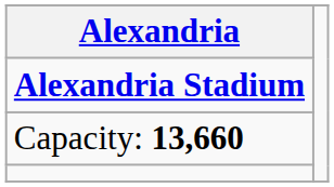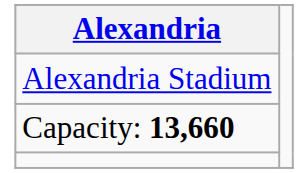 <table class="wikitable" style="margin: 1em auto;">
 <tr>
 <th><a href='#'>Alexandria</a></th>
 <td rowspan="4"></td>
 </tr>
 <tr>
-<td><strong><a href='#'>Alexandria Stadium</a></strong></td>
+<td><a href='#'>Alexandria Stadium</a></td>
 </tr>
 <tr>
 <td>Capacity: <strong>13,660</strong></td>
 </tr>
 <tr>
 <td></td>
 </tr>
 </table>
